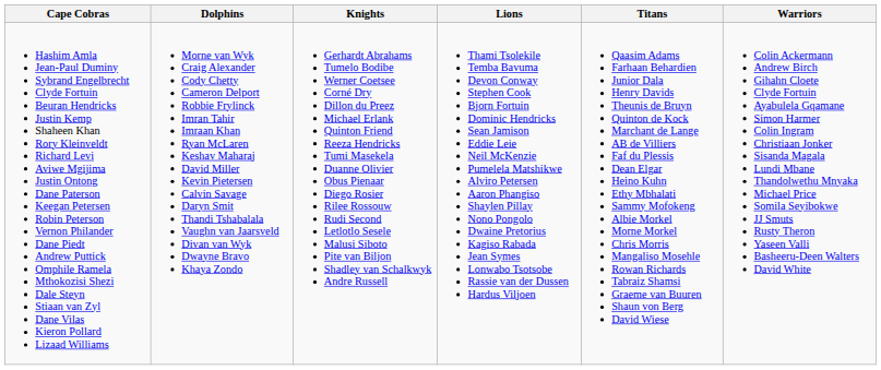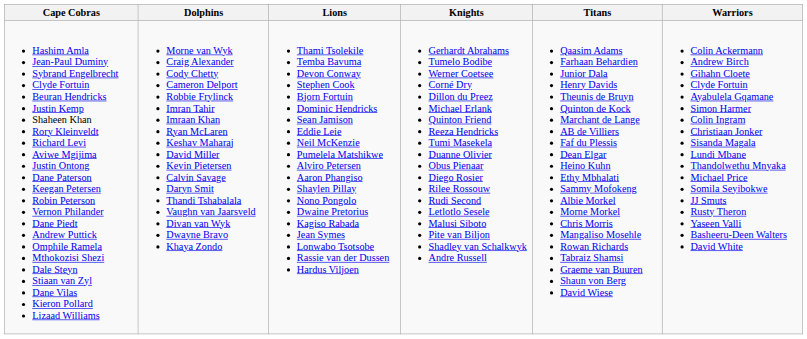 <table class="wikitable">
 <tr>
 <th width=330>Cape Cobras</th>
 <th width=330>Dolphins</th>
+<th width=330>Lions</th>
 <th width=330>Knights</th>
-<th width=330>Lions</th>
 <th width=330>Titans</th>
 <th width=330>Warriors</th>
 </tr>
 <tr>
 <td valign=top><br><ul><li><a href='#'>Hashim Amla</a></li><li><a href='#'>Jean-Paul Duminy</a></li><li><a href='#'>Sybrand Engelbrecht</a></li><li><a href='#'>Clyde Fortuin</a></li><li><a href='#'>Beuran Hendricks</a></li><li><a href='#'>Justin Kemp</a></li><li>Shaheen Khan</li><li><a href='#'>Rory Kleinveldt</a></li><li><a href='#'>Richard Levi</a></li><li><a href='#'>Aviwe Mgijima</a></li><li><a href='#'>Justin Ontong</a></li><li><a href='#'>Dane Paterson</a></li><li><a href='#'>Keegan Petersen</a></li><li><a href='#'>Robin Peterson</a></li><li><a href='#'>Vernon Philander</a></li><li><a href='#'>Dane Piedt</a></li><li><a href='#'>Andrew Puttick</a></li><li><a href='#'>Omphile Ramela</a></li><li><a href='#'>Mthokozisi Shezi</a></li><li><a href='#'>Dale Steyn</a></li><li><a href='#'>Stiaan van Zyl</a></li><li><a href='#'>Dane Vilas</a></li><li><a href='#'>Kieron Pollard</a></li><li><a href='#'>Lizaad Williams</a></li></ul></td>
 <td valign=top><br><ul><li><a href='#'>Morne van Wyk</a></li><li><a href='#'>Craig Alexander</a></li><li><a href='#'>Cody Chetty</a></li><li><a href='#'>Cameron Delport</a></li><li><a href='#'>Robbie Frylinck</a></li><li><a href='#'>Imran Tahir</a></li><li><a href='#'>Imraan Khan</a></li><li><a href='#'>Ryan McLaren</a></li><li><a href='#'>Keshav Maharaj</a></li><li><a href='#'>David Miller</a></li><li><a href='#'>Kevin Pietersen</a></li><li><a href='#'>Calvin Savage</a></li><li><a href='#'>Daryn Smit</a></li><li><a href='#'>Thandi Tshabalala</a></li><li><a href='#'>Vaughn van Jaarsveld</a></li><li><a href='#'>Divan van Wyk</a></li><li><a href='#'>Dwayne Bravo</a></li><li><a href='#'>Khaya Zondo</a></li></ul></td>
+<td valign=top><br><ul><li><a href='#'>Thami Tsolekile</a></li><li><a href='#'>Temba Bavuma</a></li><li><a href='#'>Devon Conway</a></li><li><a href='#'>Stephen Cook</a></li><li><a href='#'>Bjorn Fortuin</a></li><li><a href='#'>Dominic Hendricks</a></li><li><a href='#'>Sean Jamison</a></li><li><a href='#'>Eddie Leie</a></li><li><a href='#'>Neil McKenzie</a></li><li><a href='#'>Pumelela Matshikwe</a></li><li><a href='#'>Alviro Petersen</a></li><li><a href='#'>Aaron Phangiso</a></li><li><a href='#'>Shaylen Pillay</a></li><li><a href='#'>Nono Pongolo</a></li><li><a href='#'>Dwaine Pretorius</a></li><li><a href='#'>Kagiso Rabada</a></li><li><a href='#'>Jean Symes</a></li><li><a href='#'>Lonwabo Tsotsobe</a></li><li><a href='#'>Rassie van der Dussen</a></li><li><a href='#'>Hardus Viljoen</a></li></ul></td>
 <td valign=top><br><ul><li><a href='#'>Gerhardt Abrahams</a></li><li><a href='#'>Tumelo Bodibe</a></li><li><a href='#'>Werner Coetsee</a></li><li><a href='#'>Corné Dry</a></li><li><a href='#'>Dillon du Preez</a></li><li><a href='#'>Michael Erlank</a></li><li><a href='#'>Quinton Friend</a></li><li><a href='#'>Reeza Hendricks</a></li><li><a href='#'>Tumi Masekela</a></li><li><a href='#'>Duanne Olivier</a></li><li><a href='#'>Obus Pienaar</a></li><li><a href='#'>Diego Rosier</a></li><li><a href='#'>Rilee Rossouw</a></li><li><a href='#'>Rudi Second</a></li><li><a href='#'>Letlotlo Sesele</a></li><li><a href='#'>Malusi Siboto</a></li><li><a href='#'>Pite van Biljon</a></li><li><a href='#'>Shadley van Schalkwyk</a></li><li><a href='#'>Andre Russell</a></li></ul></td>
-<td valign=top><br><ul><li><a href='#'>Thami Tsolekile</a></li><li><a href='#'>Temba Bavuma</a></li><li><a href='#'>Devon Conway</a></li><li><a href='#'>Stephen Cook</a></li><li><a href='#'>Bjorn Fortuin</a></li><li><a href='#'>Dominic Hendricks</a></li><li><a href='#'>Sean Jamison</a></li><li><a href='#'>Eddie Leie</a></li><li><a href='#'>Neil McKenzie</a></li><li><a href='#'>Pumelela Matshikwe</a></li><li><a href='#'>Alviro Petersen</a></li><li><a href='#'>Aaron Phangiso</a></li><li><a href='#'>Shaylen Pillay</a></li><li><a href='#'>Nono Pongolo</a></li><li><a href='#'>Dwaine Pretorius</a></li><li><a href='#'>Kagiso Rabada</a></li><li><a href='#'>Jean Symes</a></li><li><a href='#'>Lonwabo Tsotsobe</a></li><li><a href='#'>Rassie van der Dussen</a></li><li><a href='#'>Hardus Viljoen</a></li></ul></td>
 <td valign=top><br><ul><li><a href='#'>Qaasim Adams</a></li><li><a href='#'>Farhaan Behardien</a></li><li><a href='#'>Junior Dala</a></li><li><a href='#'>Henry Davids</a></li><li><a href='#'>Theunis de Bruyn</a></li><li><a href='#'>Quinton de Kock</a></li><li><a href='#'>Marchant de Lange</a></li><li><a href='#'>AB de Villiers</a></li><li><a href='#'>Faf du Plessis</a></li><li><a href='#'>Dean Elgar</a></li><li><a href='#'>Heino Kuhn</a></li><li><a href='#'>Ethy Mbhalati</a></li><li><a href='#'>Sammy Mofokeng</a></li><li><a href='#'>Albie Morkel</a></li><li><a href='#'>Morne Morkel</a></li><li><a href='#'>Chris Morris</a></li><li><a href='#'>Mangaliso Mosehle</a></li><li><a href='#'>Rowan Richards</a></li><li><a href='#'>Tabraiz Shamsi</a></li><li><a href='#'>Graeme van Buuren</a></li><li><a href='#'>Shaun von Berg</a></li><li><a href='#'>David Wiese</a></li></ul></td>
 <td valign=top><br><ul><li><a href='#'>Colin Ackermann</a></li><li><a href='#'>Andrew Birch</a></li><li><a href='#'>Gihahn Cloete</a></li><li><a href='#'>Clyde Fortuin</a></li><li><a href='#'>Ayabulela Gqamane</a></li><li><a href='#'>Simon Harmer</a></li><li><a href='#'>Colin Ingram</a></li><li><a href='#'>Christiaan Jonker</a></li><li><a href='#'>Sisanda Magala</a></li><li><a href='#'>Lundi Mbane</a></li><li><a href='#'>Thandolwethu Mnyaka</a></li><li><a href='#'>Michael Price</a></li><li><a href='#'>Somila Seyibokwe</a></li><li><a href='#'>JJ Smuts</a></li><li><a href='#'>Rusty Theron</a></li><li><a href='#'>Yaseen Valli</a></li><li><a href='#'>Basheeru-Deen Walters</a></li><li><a href='#'>David White</a></li></ul></td>
 </tr>
 </table>
